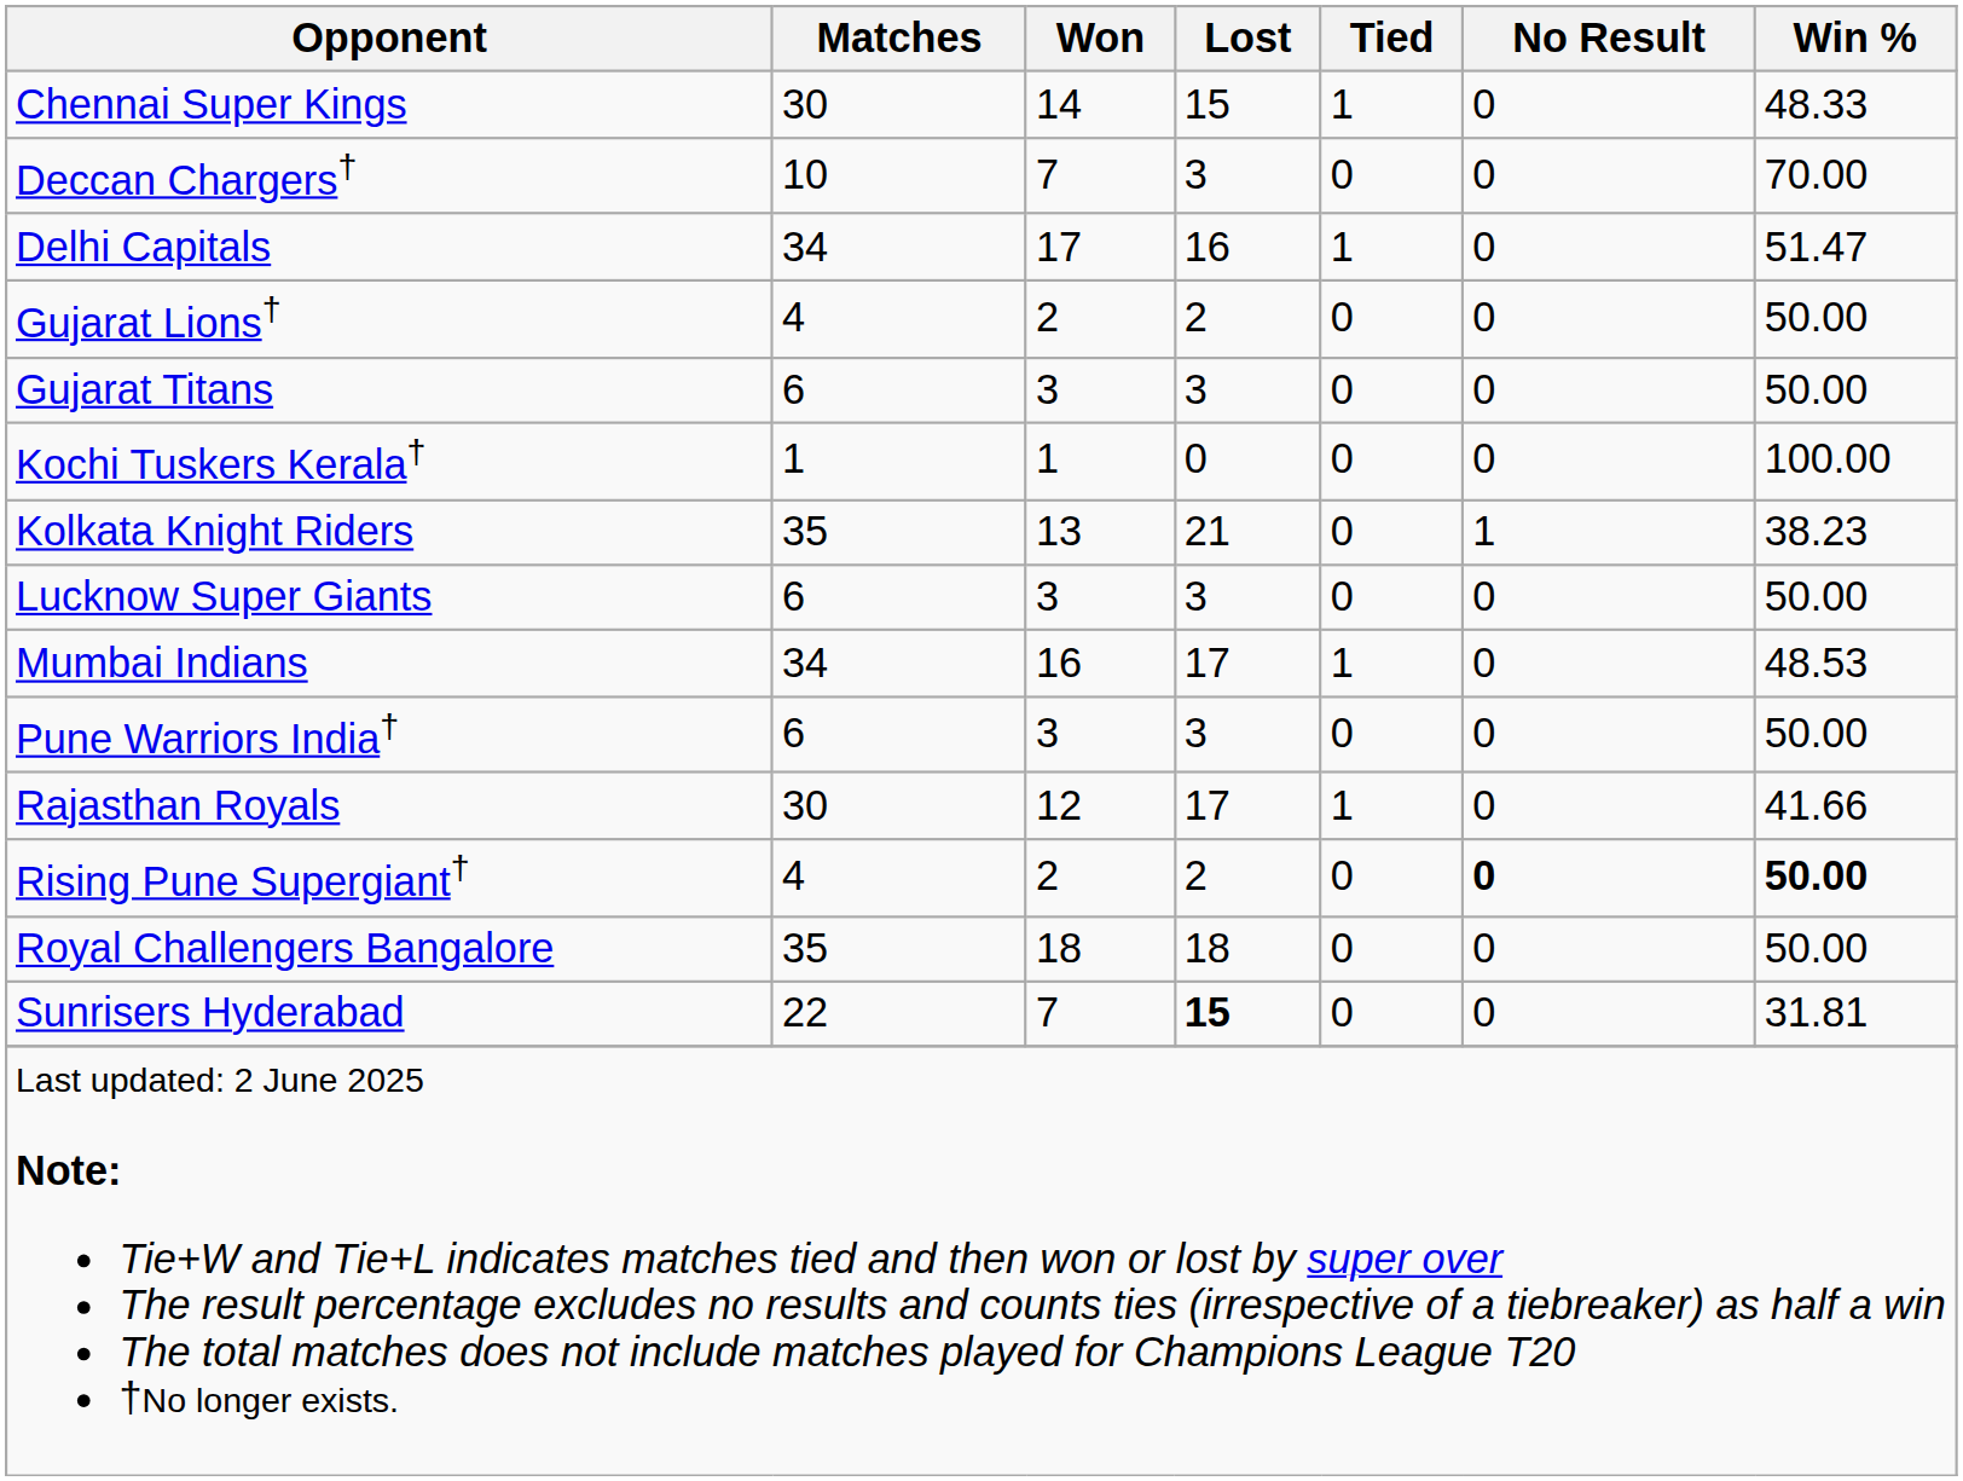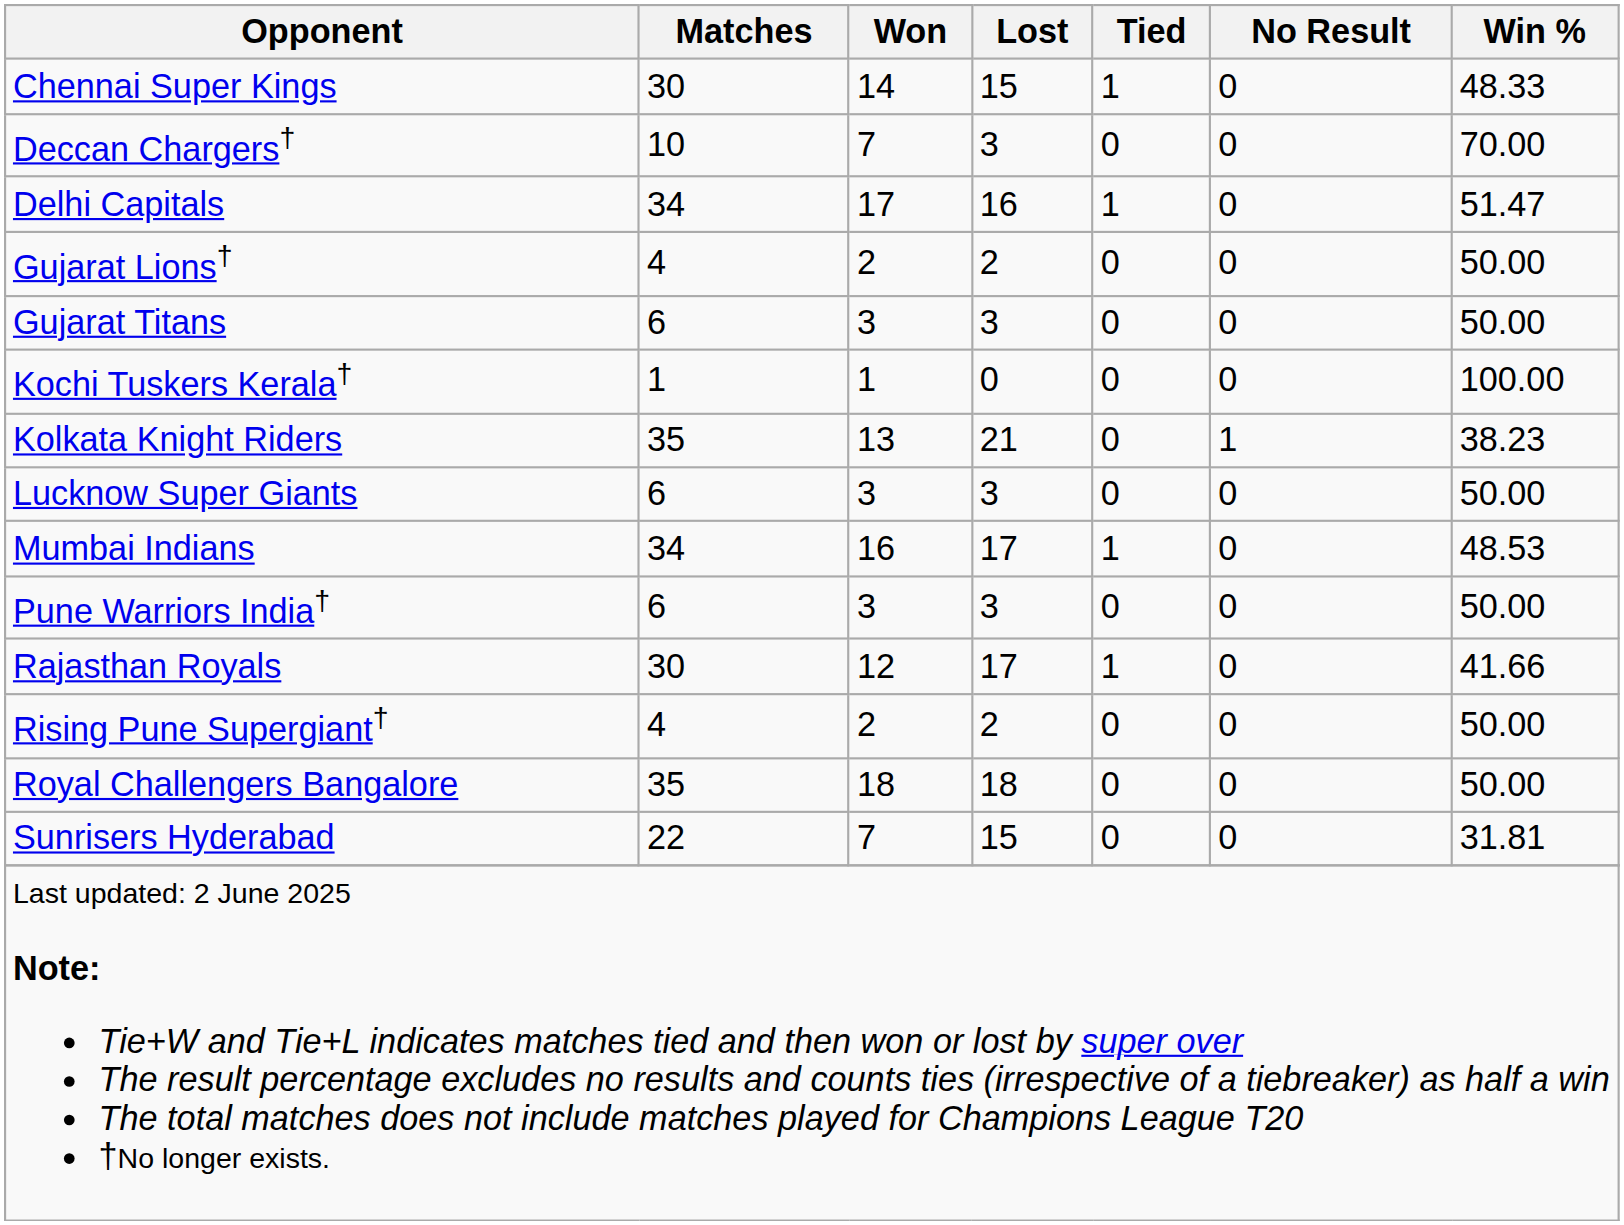 <table class="wikitable">
 <tr>
 <th>Opponent</th>
 <th>Matches</th>
 <th>Won</th>
 <th>Lost</th>
 <th>Tied</th>
 <th>No Result</th>
 <th>Win %</th>
 </tr>
 <tr>
 <td style="text-align:left"><a href='#'>Chennai Super Kings</a></td>
 <td>30</td>
 <td>14</td>
 <td>15</td>
 <td>1</td>
 <td>0</td>
 <td>48.33</td>
 </tr>
 <tr>
 <td style="text-align:left"><a href='#'>Deccan Chargers</a><sup>†</sup></td>
 <td>10</td>
 <td>7</td>
 <td>3</td>
 <td>0</td>
 <td>0</td>
 <td>70.00</td>
 </tr>
 <tr>
 <td style="text-align:left"><a href='#'>Delhi Capitals</a></td>
 <td>34</td>
 <td>17</td>
 <td>16</td>
 <td>1</td>
 <td>0</td>
 <td>51.47</td>
 </tr>
 <tr>
 <td style="text-align:left"><a href='#'>Gujarat Lions</a><sup>†</sup></td>
 <td>4</td>
 <td>2</td>
 <td>2</td>
 <td>0</td>
 <td>0</td>
 <td>50.00</td>
 </tr>
 <tr>
 <td style="text-align:left"><a href='#'>Gujarat Titans</a></td>
 <td>6</td>
 <td>3</td>
 <td>3</td>
 <td>0</td>
 <td>0</td>
 <td>50.00</td>
 </tr>
 <tr>
 <td style="text-align:left"><a href='#'>Kochi Tuskers Kerala</a><sup>†</sup></td>
 <td>1</td>
 <td>1</td>
 <td>0</td>
 <td>0</td>
 <td>0</td>
 <td>100.00</td>
 </tr>
 <tr>
 <td style="text-align:left"><a href='#'>Kolkata Knight Riders</a></td>
 <td>35</td>
 <td>13</td>
 <td>21</td>
 <td>0</td>
 <td>1</td>
 <td>38.23</td>
 </tr>
 <tr>
 <td style="text-align:left"><a href='#'>Lucknow Super Giants</a></td>
 <td>6</td>
 <td>3</td>
 <td>3</td>
 <td>0</td>
 <td>0</td>
 <td>50.00</td>
 </tr>
 <tr>
 <td style="text-align:left"><a href='#'>Mumbai Indians</a></td>
 <td>34</td>
 <td>16</td>
 <td>17</td>
 <td>1</td>
 <td>0</td>
 <td>48.53</td>
 </tr>
 <tr>
 <td style="text-align:left"><a href='#'>Pune Warriors India</a><sup>†</sup></td>
 <td>6</td>
 <td>3</td>
 <td>3</td>
 <td>0</td>
 <td>0</td>
 <td>50.00</td>
 </tr>
 <tr>
 <td style="text-align:left"><a href='#'>Rajasthan Royals</a></td>
 <td>30</td>
 <td>12</td>
 <td>17</td>
 <td>1</td>
 <td>0</td>
 <td>41.66</td>
 </tr>
 <tr>
 <td style="text-align:left"><a href='#'>Rising Pune Supergiant</a><sup>†</sup></td>
 <td>4</td>
 <td>2</td>
 <td>2</td>
 <td>0</td>
-<td><strong>0</strong></td>
-<td><strong>50.00</strong></td>
+<td>0</td>
+<td>50.00</td>
 </tr>
 <tr>
 <td style="text-align:left"><a href='#'>Royal Challengers Bangalore</a></td>
 <td>35</td>
 <td>18</td>
 <td>18</td>
 <td>0</td>
 <td>0</td>
 <td>50.00</td>
 </tr>
 <tr>
 <td style="text-align:left"><a href='#'>Sunrisers Hyderabad</a></td>
 <td>22</td>
 <td>7</td>
-<td><strong>15</strong></td>
+<td>15</td>
 <td>0</td>
 <td>0</td>
 <td>31.81</td>
 </tr>
 <tr>
 </tr>
 <tr class=sortbottom>
 <td colspan="8"><small>Last updated: 2 June 2025</small><br><br><strong>Note:</strong><ul><li><em>Tie+W and Tie+L indicates matches tied and then won or lost by <a href='#'>super over</a></em></li><li><em>The result percentage excludes no results and counts ties (irrespective of a tiebreaker) as half a win</em></li><li><em>The total matches does not include matches played for Champions League T20</em></li><li>†<small>No longer exists.</small></li></ul></td>
 </tr>
 </table>
